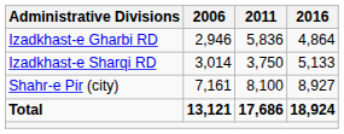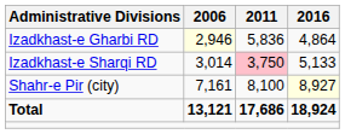 <table class="wikitable">
 <tr>
 <th>Administrative Divisions</th>
 <th>2006</th>
 <th>2011</th>
 <th>2016</th>
 </tr>
 <tr>
 <td><a href='#'>Izadkhast-e Gharbi RD</a></td>
-<td style="text-align: right;">2,946</td>
+<td style="background: lightyellow; text-align: right;">2,946</td>
 <td style="text-align: right;">5,836</td>
 <td style="text-align: right;">4,864</td>
 </tr>
 <tr>
 <td><a href='#'>Izadkhast-e Sharqi RD</a></td>
 <td style="text-align: right;">3,014</td>
-<td style="text-align: right;">3,750</td>
+<td style="background: pink; text-align: right;">3,750</td>
 <td style="text-align: right;">5,133</td>
 </tr>
 <tr>
 <td><a href='#'>Shahr-e Pir</a> (city)</td>
 <td style="text-align: right;">7,161</td>
 <td style="text-align: right;">8,100</td>
-<td style="text-align: right;">8,927</td>
+<td style="background: lightyellow; text-align: right;">8,927</td>
 </tr>
 <tr>
 <td><strong>Total</strong></td>
 <td style="text-align: right;"><strong>13,121</strong></td>
 <td style="text-align: right;"><strong>17,686</strong></td>
 <td style="text-align: right;"><strong>18,924</strong></td>
 </tr>
 <tr>
 <td colspan=4></td>
 </tr>
 </table>
